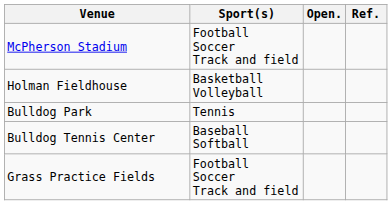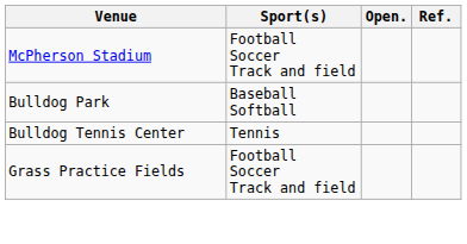 <table class="wikitable"; style= "text-align: ">
 <tr>
 <th width=200px>Venue</th>
 <th width=120px>Sport(s)</th>
 <th width=40px>Open.</th>
 <th width=40px>Ref.</th>
 </tr>
 <tr>
 <td><a href='#'>McPherson Stadium</a></td>
 <td>Football <br> Soccer <br> Track and field</td>
 <td></td>
 <td></td>
 </tr>
 <tr>
-<td>Holman Fieldhouse</td>
-<td>Basketball <br> Volleyball</td>
-<td></td>
-<td></td>
-</tr>
-<tr>
 <td>Bulldog Park</td>
-<td>Tennis</td>
+<td>Baseball <br> Softball</td>
 <td></td>
 <td></td>
 </tr>
 <tr>
 <td>Bulldog Tennis Center</td>
-<td>Baseball <br> Softball</td>
+<td>Tennis</td>
 <td></td>
 <td></td>
 </tr>
 <tr>
 <td>Grass Practice Fields</td>
 <td>Football <br> Soccer <br> Track and field</td>
 <td></td>
 <td></td>
 </tr>
 </table>
